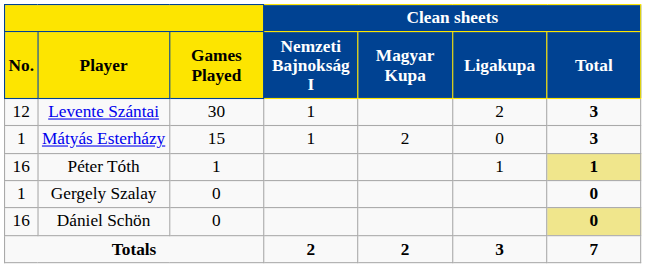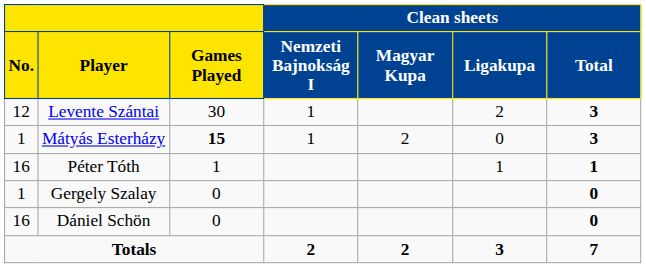 <table class="wikitable sortable alternance" style="text-align:center">
 <tr>
 <th colspan="3" style="background:#FDE500;border:1px solid #004292"></th>
 <th colspan="4" style="background:#004292;color:white;border:1px solid #FDE500">Clean sheets</th>
 </tr>
 <tr>
 <th style="background-color:#FDE500;color:black;border:1px solid #004292">No.</th>
 <th style="background-color:#FDE500;color:black;border:1px solid #004292">Player</th>
 <th width=80 style="background-color:#FDE500;color:black;border:1px solid #004292">Games Played</th>
 <th width=80 style="background-color:#004292;color:white;border:1px solid #FDE500">Nemzeti Bajnokság I</th>
 <th width=80 style="background-color:#004292;color:white;border:1px solid #FDE500">Magyar Kupa</th>
 <th width=80 style="background-color:#004292;color:white;border:1px solid #FDE500">Ligakupa</th>
 <th width=80 style="background-color:#004292;color:white;border:1px solid #FDE500">Total</th>
 </tr>
 <tr>
 <td>12</td>
 <td> <a href='#'>Levente Szántai</a></td>
 <td>30</td>
 <td>1</td>
 <td></td>
 <td>2</td>
 <td><strong>3</strong></td>
 </tr>
 <tr>
 <td>1</td>
 <td> <a href='#'>Mátyás Esterházy</a></td>
-<td>15</td>
+<td><strong>15</strong></td>
 <td>1</td>
 <td>2</td>
 <td>0</td>
 <td><strong>3</strong></td>
 </tr>
 <tr>
 <td>16</td>
 <td> Péter Tóth</td>
 <td>1</td>
 <td></td>
 <td></td>
 <td>1</td>
-<td style="background: khaki;"><strong>1</strong></td>
+<td><strong>1</strong></td>
 </tr>
 <tr>
 <td>1</td>
 <td> Gergely Szalay</td>
 <td>0</td>
 <td></td>
 <td></td>
 <td></td>
 <td><strong>0</strong></td>
 </tr>
 <tr>
 <td>16</td>
 <td> Dániel Schön</td>
 <td>0</td>
 <td></td>
 <td></td>
 <td></td>
-<td style="background: khaki;"><strong>0</strong></td>
+<td><strong>0</strong></td>
 </tr>
 <tr class="sortbottom">
 <td colspan="3"><strong>Totals</strong></td>
 <td><strong>2</strong></td>
 <td><strong>2</strong></td>
 <td><strong>3</strong></td>
 <td><strong>7</strong></td>
 </tr>
 </table>
